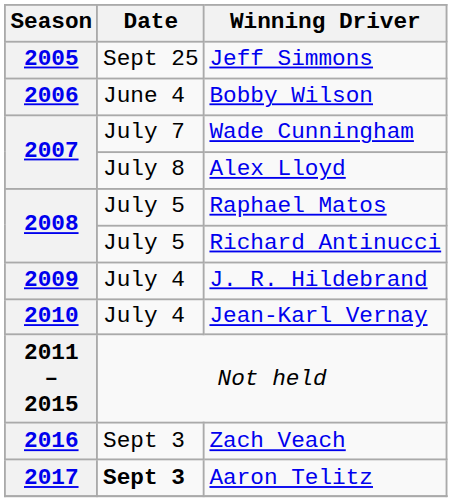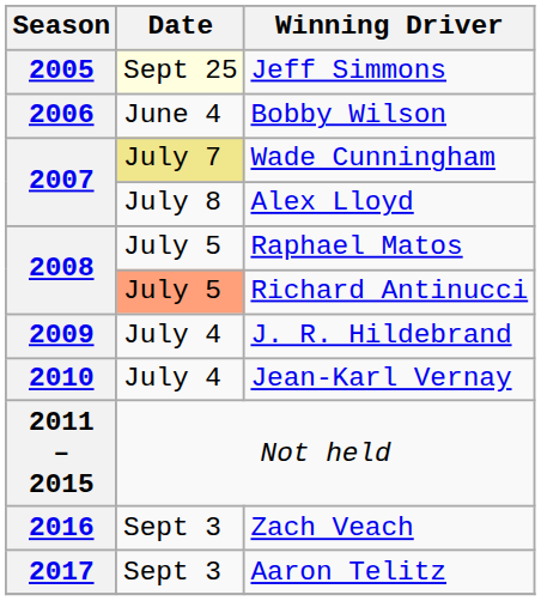 <table class="wikitable" style="font-size: 95%;">
 <tr>
 <th>Season</th>
 <th>Date</th>
 <th>Winning Driver</th>
 </tr>
 <tr>
 <th><a href='#'>2005</a></th>
-<td>Sept 25</td>
+<td style="background: lightyellow;">Sept 25</td>
 <td> <a href='#'>Jeff Simmons</a></td>
 </tr>
 <tr>
 <th><a href='#'>2006</a></th>
 <td>June 4</td>
 <td> <a href='#'>Bobby Wilson</a></td>
 </tr>
 <tr>
 <th rowspan=2><a href='#'>2007</a></th>
-<td>July 7</td>
+<td style="background: khaki;">July 7</td>
 <td> <a href='#'>Wade Cunningham</a></td>
 </tr>
 <tr>
 <td>July 8</td>
 <td> <a href='#'>Alex Lloyd</a></td>
 </tr>
 <tr>
 <th rowspan=2><a href='#'>2008</a></th>
 <td>July 5</td>
 <td> <a href='#'>Raphael Matos</a></td>
 </tr>
 <tr>
-<td>July 5</td>
+<td style="background: lightsalmon;">July 5</td>
 <td> <a href='#'>Richard Antinucci</a></td>
 </tr>
 <tr>
 <th><a href='#'>2009</a></th>
 <td>July 4</td>
 <td> <a href='#'>J. R. Hildebrand</a></td>
 </tr>
 <tr>
 <th><a href='#'>2010</a></th>
 <td>July 4</td>
 <td> <a href='#'>Jean-Karl Vernay</a></td>
 </tr>
 <tr>
 <th>2011<br>–<br>2015</th>
 <td colspan=2 align=center><em>Not held</em></td>
 </tr>
 <tr>
 <th><a href='#'>2016</a></th>
 <td>Sept 3</td>
 <td> <a href='#'>Zach Veach</a></td>
 </tr>
 <tr>
 <th><a href='#'>2017</a></th>
-<td><strong>Sept 3</strong></td>
+<td>Sept 3</td>
 <td> <a href='#'>Aaron Telitz</a></td>
 </tr>
 <tr>
 </tr>
 </table>
